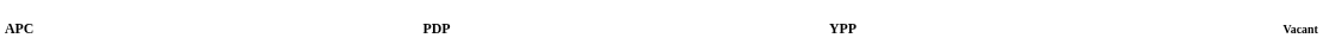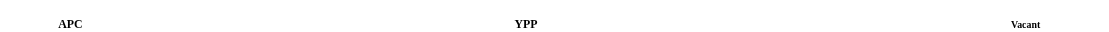 <table style="width:100%; text-align:center">
 <tr style="color:white">
 <td style="background:"><strong>63</strong></td>
-<td style="background:"><strong>44</strong></td>
 <td style="background:"><strong>1</strong></td>
 <td style="background:"><strong>1</strong></td>
 </tr>
 <tr>
 <td style="color:"><strong>APC</strong></td>
-<td style="color:"><strong>PDP</strong></td>
 <td style="color:"><strong>YPP</strong></td>
 <td style="color:"><small><strong>Vacant</strong></small></td>
 </tr>
 </table>
